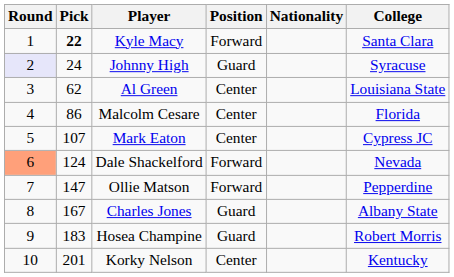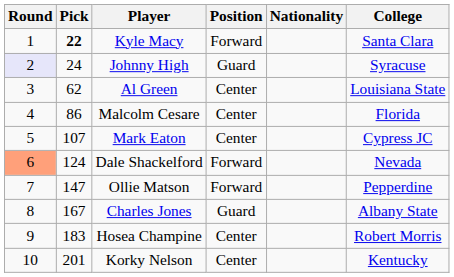 <table class="wikitable sortable sortable">
 <tr>
 <th>Round</th>
 <th>Pick</th>
 <th>Player</th>
 <th>Position</th>
 <th>Nationality</th>
 <th>College</th>
 </tr>
 <tr style="text-align: center">
 <td>1</td>
 <td><strong>22</strong></td>
 <td><a href='#'>Kyle Macy</a></td>
 <td>Forward</td>
 <td></td>
 <td><a href='#'>Santa Clara</a></td>
 </tr>
 <tr style="text-align: center">
 <td style="background: lavender;">2</td>
 <td>24</td>
 <td><a href='#'>Johnny High</a></td>
 <td>Guard</td>
 <td></td>
 <td><a href='#'>Syracuse</a></td>
 </tr>
 <tr style="text-align: center">
 <td>3</td>
 <td>62</td>
 <td><a href='#'>Al Green</a></td>
 <td>Center</td>
 <td></td>
 <td><a href='#'>Louisiana State</a></td>
 </tr>
 <tr style="text-align: center">
 <td>4</td>
 <td>86</td>
 <td>Malcolm Cesare</td>
 <td>Center</td>
 <td></td>
 <td><a href='#'>Florida</a></td>
 </tr>
 <tr style="text-align: center">
 <td>5</td>
 <td>107</td>
 <td><a href='#'>Mark Eaton</a></td>
 <td>Center</td>
 <td></td>
 <td><a href='#'>Cypress JC</a></td>
 </tr>
 <tr style="text-align: center">
 <td style="background: lightsalmon;">6</td>
 <td>124</td>
 <td>Dale Shackelford</td>
 <td>Forward</td>
 <td></td>
 <td><a href='#'>Nevada</a></td>
 </tr>
 <tr style="text-align: center">
 <td>7</td>
 <td>147</td>
 <td>Ollie Matson</td>
 <td>Forward</td>
 <td></td>
 <td><a href='#'>Pepperdine</a></td>
 </tr>
 <tr style="text-align: center">
 <td>8</td>
 <td>167</td>
 <td><a href='#'>Charles Jones</a></td>
 <td>Guard</td>
 <td></td>
 <td><a href='#'>Albany State</a></td>
 </tr>
 <tr style="text-align: center">
 <td>9</td>
 <td>183</td>
 <td>Hosea Champine</td>
-<td>Guard</td>
+<td>Center</td>
 <td></td>
 <td><a href='#'>Robert Morris</a></td>
 </tr>
 <tr style="text-align: center">
 <td>10</td>
 <td>201</td>
 <td>Korky Nelson</td>
 <td>Center</td>
 <td></td>
 <td><a href='#'>Kentucky</a></td>
 </tr>
 </table>
